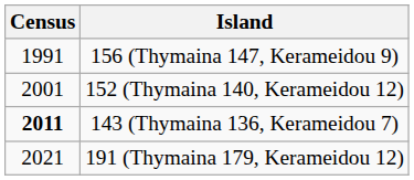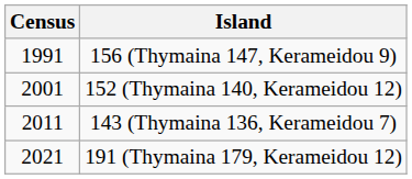 <table class="wikitable" style="text-align:center">
 <tr>
 <th>Census</th>
 <th>Island</th>
 </tr>
 <tr>
 <td>1991</td>
 <td>156 (Thymaina 147, Kerameidou 9)</td>
 </tr>
 <tr>
 <td>2001</td>
 <td>152 (Thymaina 140, Kerameidou 12)</td>
 </tr>
 <tr>
-<td><strong>2011</strong></td>
+<td>2011</td>
 <td>143 (Thymaina 136, Kerameidou 7)</td>
 </tr>
 <tr>
 <td>2021</td>
 <td>191 (Thymaina 179, Kerameidou 12)</td>
 </tr>
 </table>
